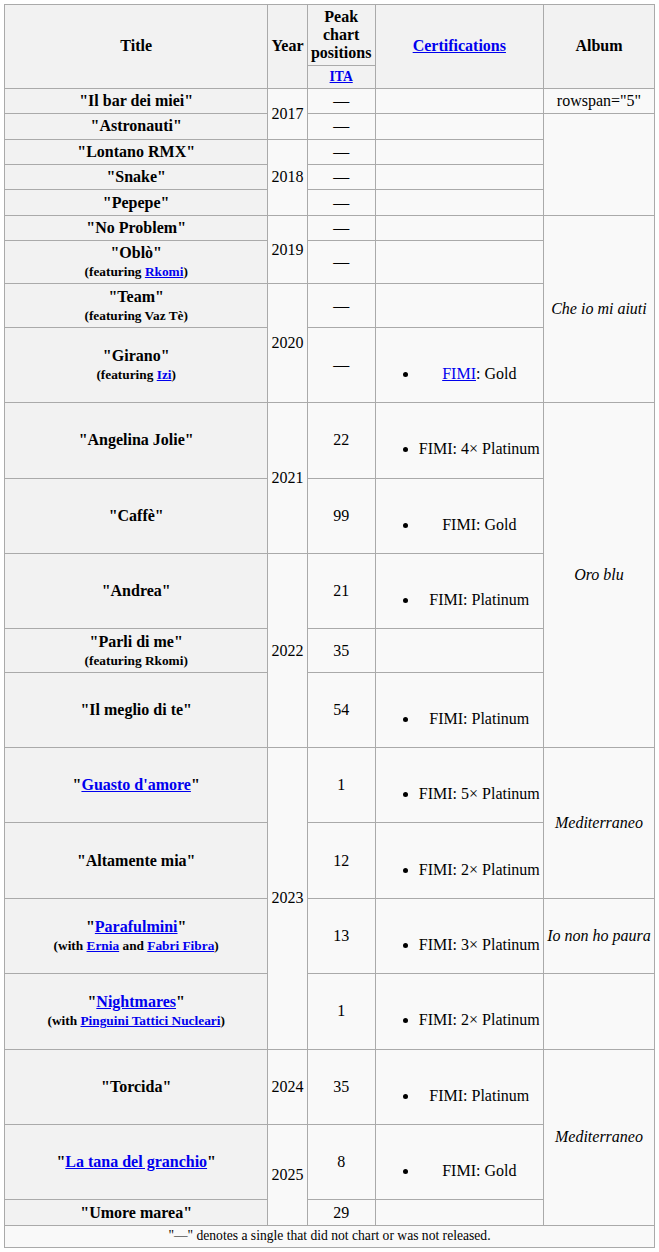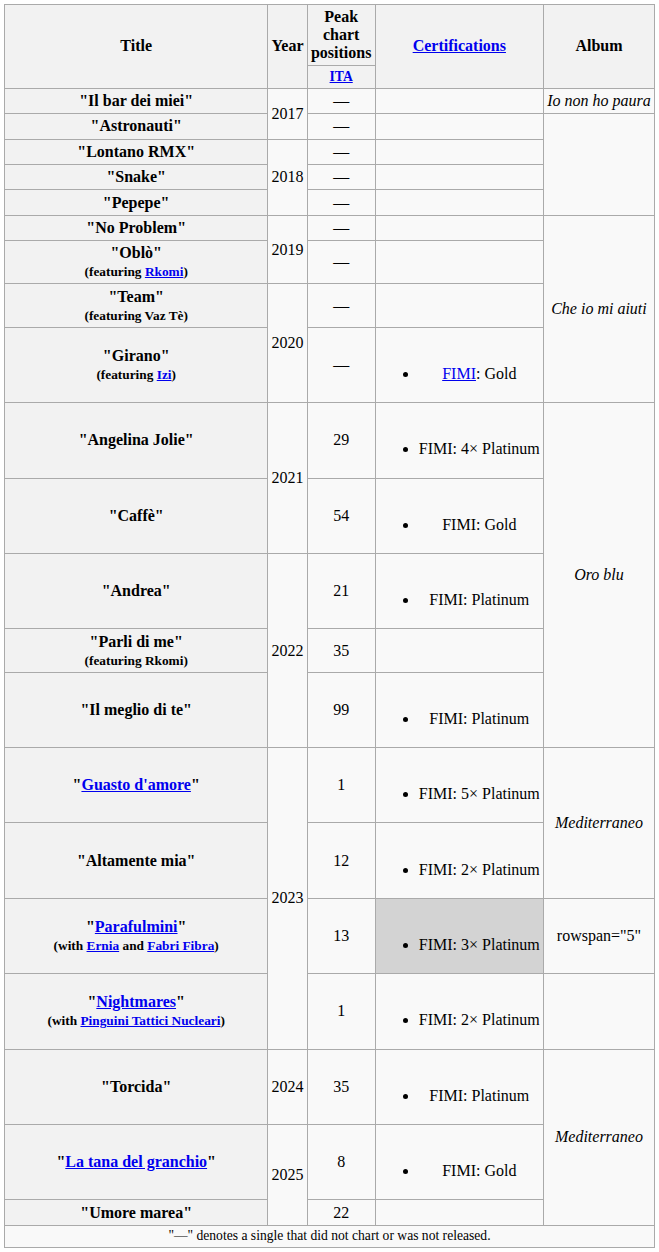 <table class="wikitable plainrowheaders" style="text-align:center;">
 <tr>
 <th scope="col" rowspan="2" style="width:16em;">Title</th>
 <th scope="col" rowspan="2" style="width:1em;">Year</th>
 <th scope="col" colspan="1">Peak chart positions</th>
 <th scope="col" rowspan="2"><a href='#'>Certifications</a></th>
 <th scope="col" rowspan="2">Album</th>
 </tr>
 <tr>
 <th scope="col" style="width:3em;font-size:85%;"><a href='#'>ITA</a><br></th>
 </tr>
 <tr>
 <th scope="row">"Il bar dei miei"</th>
 <td rowspan="2">2017</td>
 <td>—</td>
 <td></td>
-<td>rowspan="5" </td>
+<td><em>Io non ho paura</em></td>
 </tr>
 <tr>
 <th scope="row">"Astronauti"</th>
 <td>—</td>
 <td></td>
 </tr>
 <tr>
 <th scope="row">"Lontano RMX"</th>
 <td rowspan="3">2018</td>
 <td>—</td>
 <td></td>
 </tr>
 <tr>
 <th scope="row">"Snake"</th>
 <td>—</td>
 <td></td>
 </tr>
 <tr>
 <th scope="row">"Pepepe"</th>
 <td>—</td>
 <td></td>
 </tr>
 <tr>
 <th scope="row">"No Problem"</th>
 <td rowspan="2">2019</td>
 <td>—</td>
 <td></td>
 <td rowspan="4"><em>Che io mi aiuti</em></td>
 </tr>
 <tr>
 <th scope="row">"Oblò"<br><small>(featuring <a href='#'>Rkomi</a>)</small></th>
 <td>—</td>
 <td></td>
 </tr>
 <tr>
 <th scope="row">"Team"<br><small>(featuring Vaz Tè)</small></th>
 <td rowspan="2">2020</td>
 <td>—</td>
 <td></td>
 </tr>
 <tr>
 <th scope="row">"Girano"<br><small>(featuring <a href='#'>Izi</a>)</small></th>
 <td>—</td>
 <td><br><ul><li><a href='#'>FIMI</a>: Gold</li></ul></td>
 </tr>
 <tr>
 <th scope="row">"Angelina Jolie"</th>
 <td rowspan="2">2021</td>
-<td>22<br></td>
+<td>29</td>
 <td><br><ul><li>FIMI: 4× Platinum</li></ul></td>
 <td rowspan="5"><em>Oro blu</em></td>
 </tr>
 <tr>
 <th scope="row">"Caffè"</th>
-<td>99</td>
+<td>54</td>
 <td><br><ul><li>FIMI: Gold</li></ul></td>
 </tr>
 <tr>
 <th scope="row">"Andrea"</th>
 <td rowspan="3">2022</td>
 <td>21</td>
 <td><br><ul><li>FIMI: Platinum</li></ul></td>
 </tr>
 <tr>
 <th scope="row">"Parli di me"<br><small>(featuring Rkomi)</small></th>
 <td>35</td>
 <td></td>
 </tr>
 <tr>
 <th scope="row">"Il meglio di te"</th>
-<td>54</td>
+<td>99</td>
 <td><br><ul><li>FIMI: Platinum</li></ul></td>
 </tr>
 <tr>
 <th scope="row">"<a href='#'>Guasto d'amore</a>"</th>
 <td rowspan="4">2023</td>
 <td>1</td>
 <td><br><ul><li>FIMI: 5× Platinum</li></ul></td>
 <td rowspan="2"><em>Mediterraneo</em></td>
 </tr>
 <tr>
 <th scope="row">"Altamente mia"</th>
 <td>12</td>
 <td><br><ul><li>FIMI: 2× Platinum</li></ul></td>
 </tr>
 <tr>
 <th scope="row">"<a href='#'>Parafulmini</a>"<br><small>(with <a href='#'>Ernia</a> and <a href='#'>Fabri Fibra</a>)</small></th>
 <td>13</td>
-<td><br><ul><li>FIMI: 3× Platinum</li></ul></td>
-<td><em>Io non ho paura</em></td>
+<td style="background: lightgrey;"><br><ul><li>FIMI: 3× Platinum</li></ul></td>
+<td>rowspan="5" </td>
 </tr>
 <tr>
 <th scope="row">"<a href='#'>Nightmares</a>"<br><small>(with <a href='#'>Pinguini Tattici Nucleari</a>)</small></th>
 <td>1</td>
 <td><br><ul><li>FIMI: 2× Platinum</li></ul></td>
 <td></td>
 </tr>
 <tr>
 <th scope="row">"Torcida"</th>
 <td>2024</td>
 <td>35</td>
 <td><br><ul><li>FIMI: Platinum</li></ul></td>
 <td rowspan="3"><em>Mediterraneo</em></td>
 </tr>
 <tr>
 <th scope="row">"<a href='#'>La tana del granchio</a>"</th>
 <td rowspan="2">2025</td>
 <td>8</td>
 <td><br><ul><li>FIMI: Gold</li></ul></td>
 </tr>
 <tr>
 <th scope="row">"Umore marea"</th>
-<td>29</td>
+<td>22<br></td>
 <td></td>
 </tr>
 <tr>
 <td colspan="5" style="font-size:85%;">"—" denotes a single that did not chart or was not released.</td>
 </tr>
 </table>
